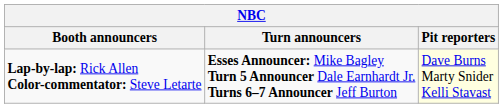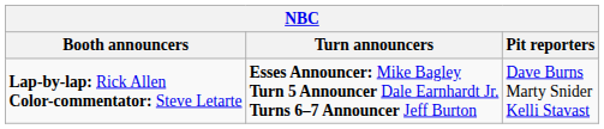 <table class="wikitable" style="font-size: 95%">
 <tr>
 <th colspan="3"><a href='#'>NBC</a></th>
 </tr>
 <tr>
 <th>Booth announcers</th>
 <th>Turn announcers</th>
 <th>Pit reporters</th>
 </tr>
 <tr>
 <td><strong>Lap-by-lap:</strong> <a href='#'>Rick Allen</a><br><strong>Color-commentator:</strong> <a href='#'>Steve Letarte</a></td>
 <td><strong>Esses Announcer:</strong> <a href='#'>Mike Bagley</a><br><strong>Turn 5 Announcer</strong> <a href='#'>Dale Earnhardt Jr.</a><br><strong>Turns 6–7 Announcer</strong> <a href='#'>Jeff Burton</a></td>
-<td style="background: lightyellow;"><a href='#'>Dave Burns</a><br>Marty Snider<br><a href='#'>Kelli Stavast</a></td>
+<td><a href='#'>Dave Burns</a><br>Marty Snider<br><a href='#'>Kelli Stavast</a></td>
 </tr>
 </table>
